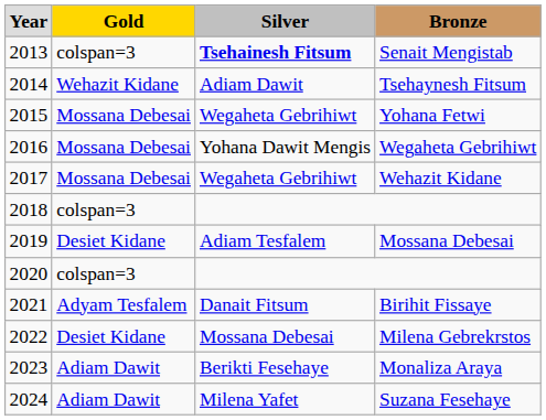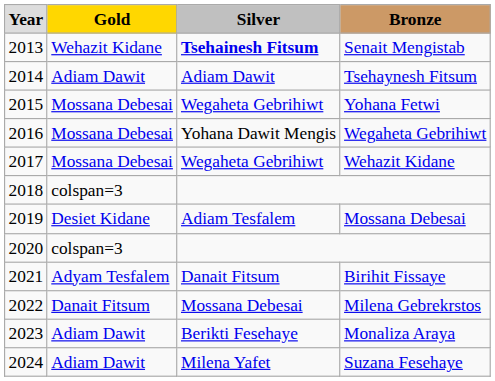 <table class="wikitable sortable alternance" style="font-size:95%">
 <tr>
 <td style="background:#DDDDDD; font-weight:bold; text-align:center;">Year</td>
 <td style="background:gold; font-weight:bold; text-align:center;">Gold</td>
 <td style="background:silver; font-weight:bold; text-align:center;">Silver</td>
 <td style="background:#cc9966; font-weight:bold; text-align:center;">Bronze</td>
 </tr>
 <tr>
 <td>2013</td>
-<td>colspan=3 </td>
+<td><a href='#'>Wehazit Kidane</a></td>
 <td><strong><a href='#'>Tsehainesh Fitsum</a></strong></td>
 <td><a href='#'>Senait Mengistab</a></td>
 </tr>
 <tr>
 <td>2014</td>
-<td><a href='#'>Wehazit Kidane</a></td>
+<td><a href='#'>Adiam Dawit</a></td>
 <td><a href='#'>Adiam Dawit</a></td>
 <td><a href='#'>Tsehaynesh Fitsum</a></td>
 </tr>
 <tr>
 <td>2015</td>
 <td><a href='#'>Mossana Debesai</a></td>
 <td><a href='#'>Wegaheta Gebrihiwt</a></td>
 <td><a href='#'>Yohana Fetwi</a></td>
 </tr>
 <tr>
 <td>2016</td>
 <td><a href='#'>Mossana Debesai</a></td>
 <td>Yohana Dawit Mengis</td>
 <td><a href='#'>Wegaheta Gebrihiwt</a></td>
 </tr>
 <tr>
 <td>2017</td>
 <td><a href='#'>Mossana Debesai</a></td>
 <td><a href='#'>Wegaheta Gebrihiwt</a></td>
 <td><a href='#'>Wehazit Kidane</a></td>
 </tr>
 <tr>
 <td>2018</td>
 <td>colspan=3 </td>
 </tr>
 <tr>
 <td>2019</td>
 <td><a href='#'>Desiet Kidane</a></td>
 <td><a href='#'>Adiam Tesfalem</a></td>
 <td><a href='#'>Mossana Debesai</a></td>
 </tr>
 <tr>
 <td>2020</td>
 <td>colspan=3 </td>
 </tr>
 <tr>
 <td>2021</td>
 <td><a href='#'>Adyam Tesfalem</a></td>
 <td><a href='#'>Danait Fitsum</a></td>
 <td><a href='#'>Birihit Fissaye</a></td>
 </tr>
 <tr>
 <td>2022</td>
-<td><a href='#'>Desiet Kidane</a></td>
+<td><a href='#'>Danait Fitsum</a></td>
 <td><a href='#'>Mossana Debesai</a></td>
 <td><a href='#'>Milena Gebrekrstos</a></td>
 </tr>
 <tr>
 <td>2023</td>
 <td><a href='#'>Adiam Dawit</a></td>
 <td><a href='#'>Berikti Fesehaye</a></td>
 <td><a href='#'>Monaliza Araya</a></td>
 </tr>
 <tr>
 <td>2024</td>
 <td><a href='#'>Adiam Dawit</a></td>
 <td><a href='#'>Milena Yafet</a></td>
 <td><a href='#'>Suzana Fesehaye</a></td>
 </tr>
 </table>
